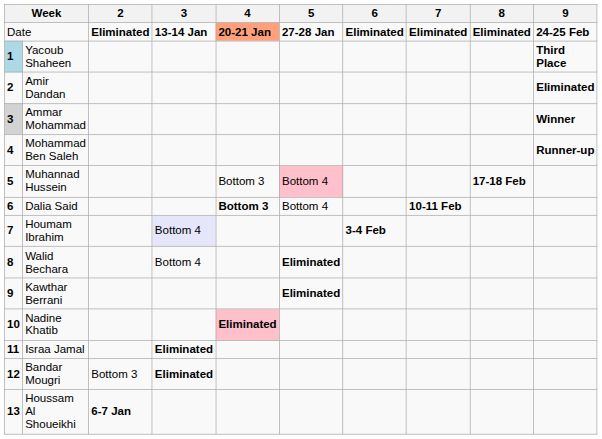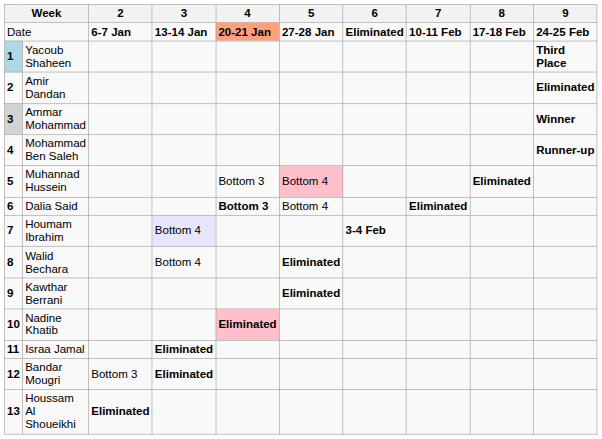 <table class="wikitable">
 <tr>
 <th colspan="2">Week</th>
 <th>2</th>
 <th>3</th>
 <th>4</th>
 <th>5</th>
 <th>6</th>
 <th>7</th>
 <th>8</th>
 <th>9</th>
 </tr>
 <tr>
 <td colspan="2">Date</td>
-<td><strong>Eliminated</strong></td>
+<td><strong>6-7 Jan</strong></td>
 <td><strong>13-14 Jan</strong></td>
 <td style="background: lightsalmon;"><strong>20-21 Jan</strong></td>
 <td><strong>27-28 Jan</strong></td>
 <td><strong>Eliminated</strong></td>
-<td><strong>Eliminated</strong></td>
-<td><strong>Eliminated</strong></td>
+<td><strong>10-11 Feb</strong></td>
+<td><strong>17-18 Feb</strong></td>
 <td><strong>24-25 Feb</strong></td>
 </tr>
 <tr>
 <td style="background: lightblue;"><strong>1</strong></td>
 <td>Yacoub Shaheen</td>
 <td></td>
 <td></td>
 <td></td>
 <td></td>
 <td></td>
 <td></td>
 <td></td>
 <td><strong>Third Place</strong></td>
 </tr>
 <tr>
 <td><strong>2</strong></td>
 <td>Amir Dandan</td>
 <td></td>
 <td></td>
 <td></td>
 <td></td>
 <td></td>
 <td></td>
 <td></td>
 <td><strong>Eliminated</strong></td>
 </tr>
 <tr>
 <td style="background: lightgrey;"><strong>3</strong></td>
 <td>Ammar Mohammad</td>
 <td></td>
 <td></td>
 <td></td>
 <td></td>
 <td></td>
 <td></td>
 <td></td>
 <td><strong>Winner</strong></td>
 </tr>
 <tr>
 <td><strong>4</strong></td>
 <td>Mohammad Ben Saleh</td>
 <td></td>
 <td></td>
 <td></td>
 <td></td>
 <td></td>
 <td></td>
 <td></td>
 <td><strong>Runner-up</strong></td>
 </tr>
 <tr>
 <td><strong>5</strong></td>
 <td>Muhannad Hussein</td>
 <td></td>
 <td></td>
 <td>Bottom 3</td>
 <td style="background: pink;">Bottom 4</td>
 <td></td>
 <td></td>
-<td><strong>17-18 Feb</strong></td>
+<td><strong>Eliminated</strong></td>
 <td></td>
 </tr>
 <tr>
 <td><strong>6</strong></td>
 <td>Dalia Said</td>
 <td></td>
 <td></td>
 <td><strong>Bottom 3</strong></td>
 <td>Bottom 4</td>
 <td></td>
-<td><strong>10-11 Feb</strong></td>
+<td><strong>Eliminated</strong></td>
 <td></td>
 <td></td>
 </tr>
 <tr>
 <td><strong>7</strong></td>
 <td>Houmam Ibrahim</td>
 <td></td>
 <td style="background: lavender;">Bottom 4</td>
 <td></td>
 <td></td>
 <td><strong>3-4 Feb</strong></td>
 <td></td>
 <td></td>
 <td></td>
 </tr>
 <tr>
 <td><strong>8</strong></td>
 <td>Walid Bechara</td>
 <td></td>
 <td>Bottom 4</td>
 <td></td>
 <td><strong>Eliminated</strong></td>
 <td></td>
 <td></td>
 <td></td>
 <td></td>
 </tr>
 <tr>
 <td><strong>9</strong></td>
 <td>Kawthar Berrani</td>
 <td></td>
 <td></td>
 <td></td>
 <td><strong>Eliminated</strong></td>
 <td></td>
 <td></td>
 <td></td>
 <td></td>
 </tr>
 <tr>
 <td><strong>10</strong></td>
 <td>Nadine Khatib</td>
 <td></td>
 <td></td>
 <td style="background: pink;"><strong>Eliminated</strong></td>
 <td></td>
 <td></td>
 <td></td>
 <td></td>
 <td></td>
 </tr>
 <tr>
 <td><strong>11</strong></td>
 <td>Israa Jamal</td>
 <td></td>
 <td><strong>Eliminated</strong></td>
 <td></td>
 <td></td>
 <td></td>
 <td></td>
 <td></td>
 <td></td>
 </tr>
 <tr>
 <td><strong>12</strong></td>
 <td>Bandar Mougri</td>
 <td>Bottom 3</td>
 <td><strong>Eliminated</strong></td>
 <td></td>
 <td></td>
 <td></td>
 <td></td>
 <td></td>
 <td></td>
 </tr>
 <tr>
 <td><strong>13</strong></td>
 <td>Houssam Al Shoueikhi</td>
-<td><strong>6-7 Jan</strong></td>
+<td><strong>Eliminated</strong></td>
 <td></td>
 <td></td>
 <td></td>
 <td></td>
 <td></td>
 <td></td>
 <td></td>
 </tr>
 </table>
